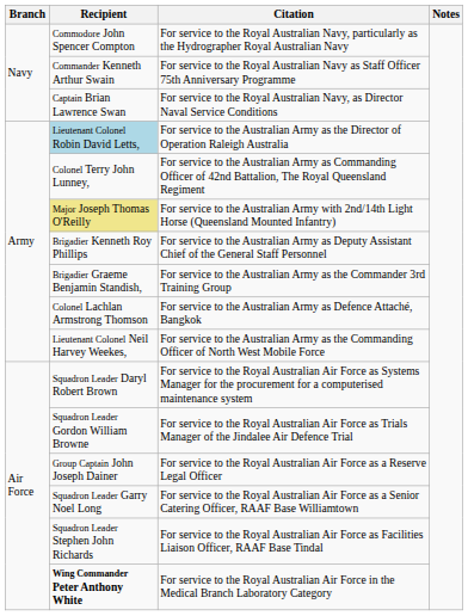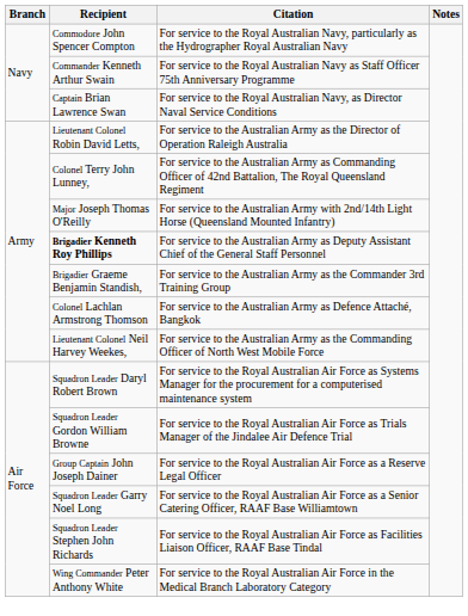 <table class="wikitable" style="font-size:95%;">
 <tr>
 <th>Branch</th>
 <th>Recipient</th>
 <th>Citation</th>
 <th>Notes</th>
 </tr>
 <tr>
 <td rowspan="3">Navy</td>
 <td><small>Commodore</small> John Spencer Compton</td>
 <td>For service to the Royal Australian Navy, particularly as the Hydrographer Royal Australian Navy</td>
 <td rowspan="16"></td>
 </tr>
 <tr>
 <td><small>Commander</small> Kenneth Arthur Swain</td>
 <td>For service to the Royal Australian Navy as Staff Officer 75th Anniversary Programme</td>
 </tr>
 <tr>
 <td><small>Captain</small> Brian Lawrence Swan</td>
 <td>For service to the Royal Australian Navy, as Director Naval Service Conditions</td>
 </tr>
 <tr>
 <td rowspan="7">Army</td>
-<td style="background: lightblue;"><small>Lieutenant Colonel</small> Robin David Letts, </td>
+<td><small>Lieutenant Colonel</small> Robin David Letts, </td>
 <td>For service to the Australian Army as the Director of Operation Raleigh Australia</td>
 </tr>
 <tr>
 <td><small>Colonel</small> Terry John Lunney, </td>
 <td>For service to the Australian Army as Commanding Officer of 42nd Battalion, The Royal Queensland Regiment</td>
 </tr>
 <tr>
-<td style="background: khaki;"><small>Major</small> Joseph Thomas O'Reilly</td>
+<td><small>Major</small> Joseph Thomas O'Reilly</td>
 <td>For service to the Australian Army with 2nd/14th Light Horse (Queensland Mounted Infantry)</td>
 </tr>
 <tr>
-<td><small>Brigadier</small> Kenneth Roy Phillips</td>
+<td><strong><small>Brigadier</small> Kenneth Roy Phillips</strong></td>
 <td>For service to the Australian Army as Deputy Assistant Chief of the General Staff Personnel</td>
 </tr>
 <tr>
 <td><small>Brigadier</small> Graeme Benjamin Standish, </td>
 <td>For service to the Australian Army as the Commander 3rd Training Group</td>
 </tr>
 <tr>
 <td><small>Colonel</small> Lachlan Armstrong Thomson</td>
 <td>For service to the Australian Army as Defence Attaché, Bangkok</td>
 </tr>
 <tr>
 <td><small>Lieutenant Colonel</small> Neil Harvey Weekes, </td>
 <td>For service to the Australian Army as the Commanding Officer of North West Mobile Force</td>
 </tr>
 <tr>
 <td rowspan="6">Air Force</td>
 <td><small>Squadron Leader</small> Daryl Robert Brown</td>
 <td>For service to the Royal Australian Air Force as Systems Manager for the procurement for a computerised maintenance system</td>
 </tr>
 <tr>
 <td><small>Squadron Leader</small> Gordon William Browne</td>
 <td>For service to the Royal Australian Air Force as Trials Manager of the Jindalee Air Defence Trial</td>
 </tr>
 <tr>
 <td><small>Group Captain</small> John Joseph Dainer</td>
 <td>For service to the Royal Australian Air Force as a Reserve Legal Officer</td>
 </tr>
 <tr>
 <td><small>Squadron Leader</small> Garry Noel Long</td>
 <td>For service to the Royal Australian Air Force as a Senior Catering Officer, RAAF Base Williamtown</td>
 </tr>
 <tr>
 <td><small>Squadron Leader</small> Stephen John Richards</td>
 <td>For service to the Royal Australian Air Force as Facilities Liaison Officer, RAAF Base Tindal</td>
 </tr>
 <tr>
-<td><strong><small>Wing Commander</small> Peter Anthony White</strong></td>
+<td><small>Wing Commander</small> Peter Anthony White</td>
 <td>For service to the Royal Australian Air Force in the Medical Branch Laboratory Category</td>
 </tr>
 </table>
